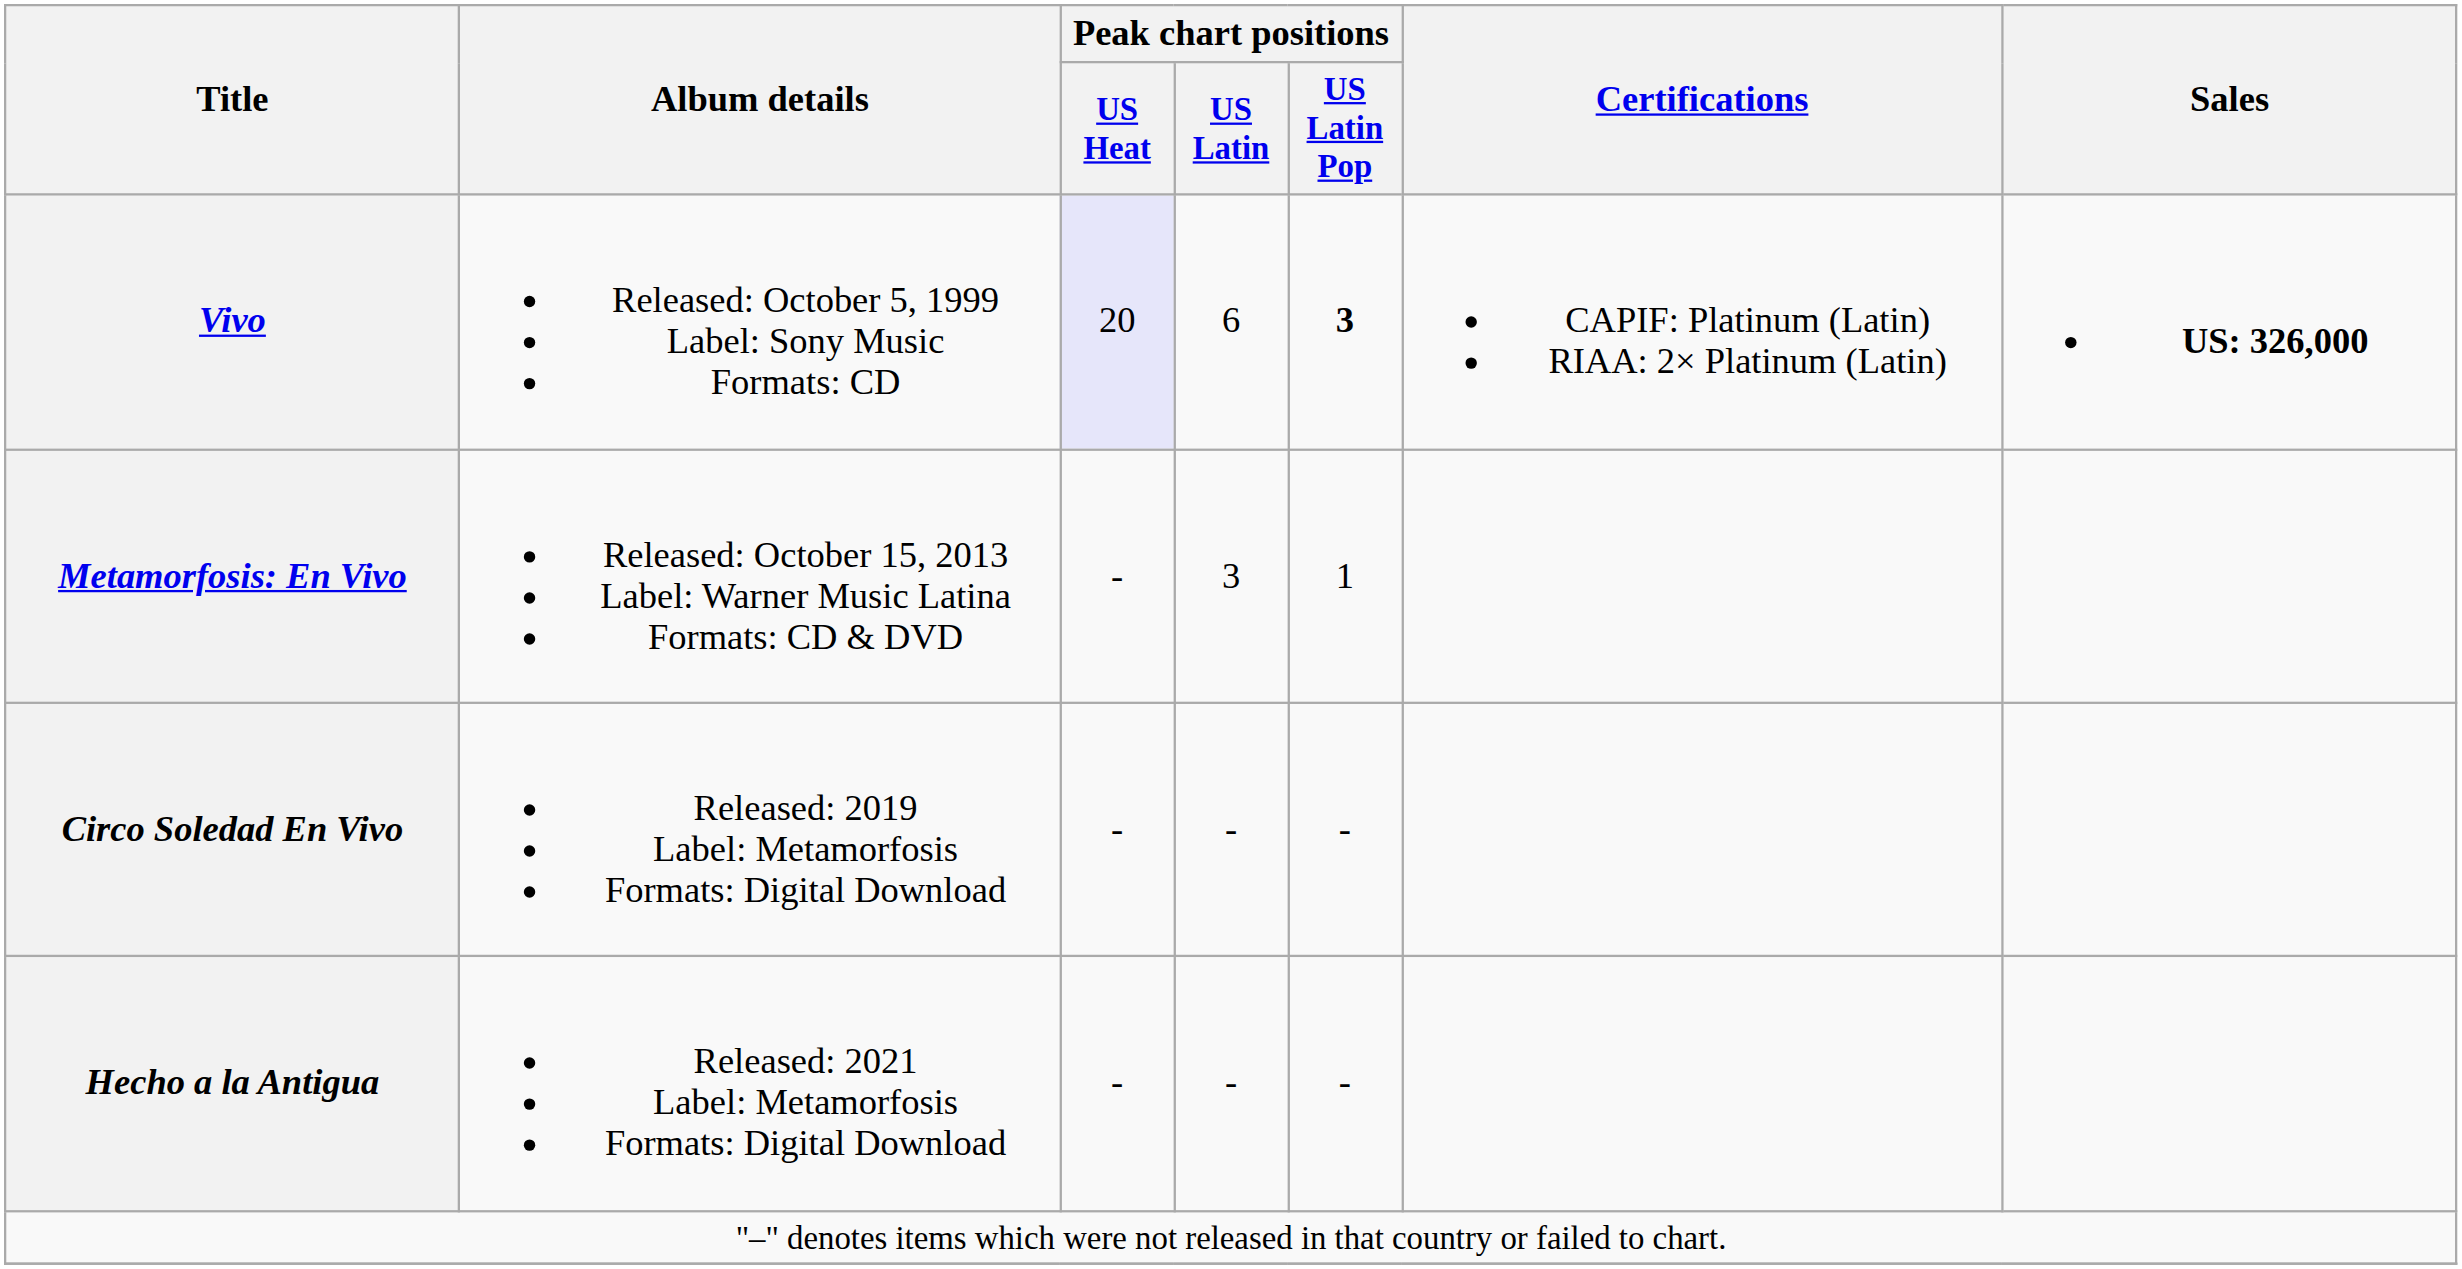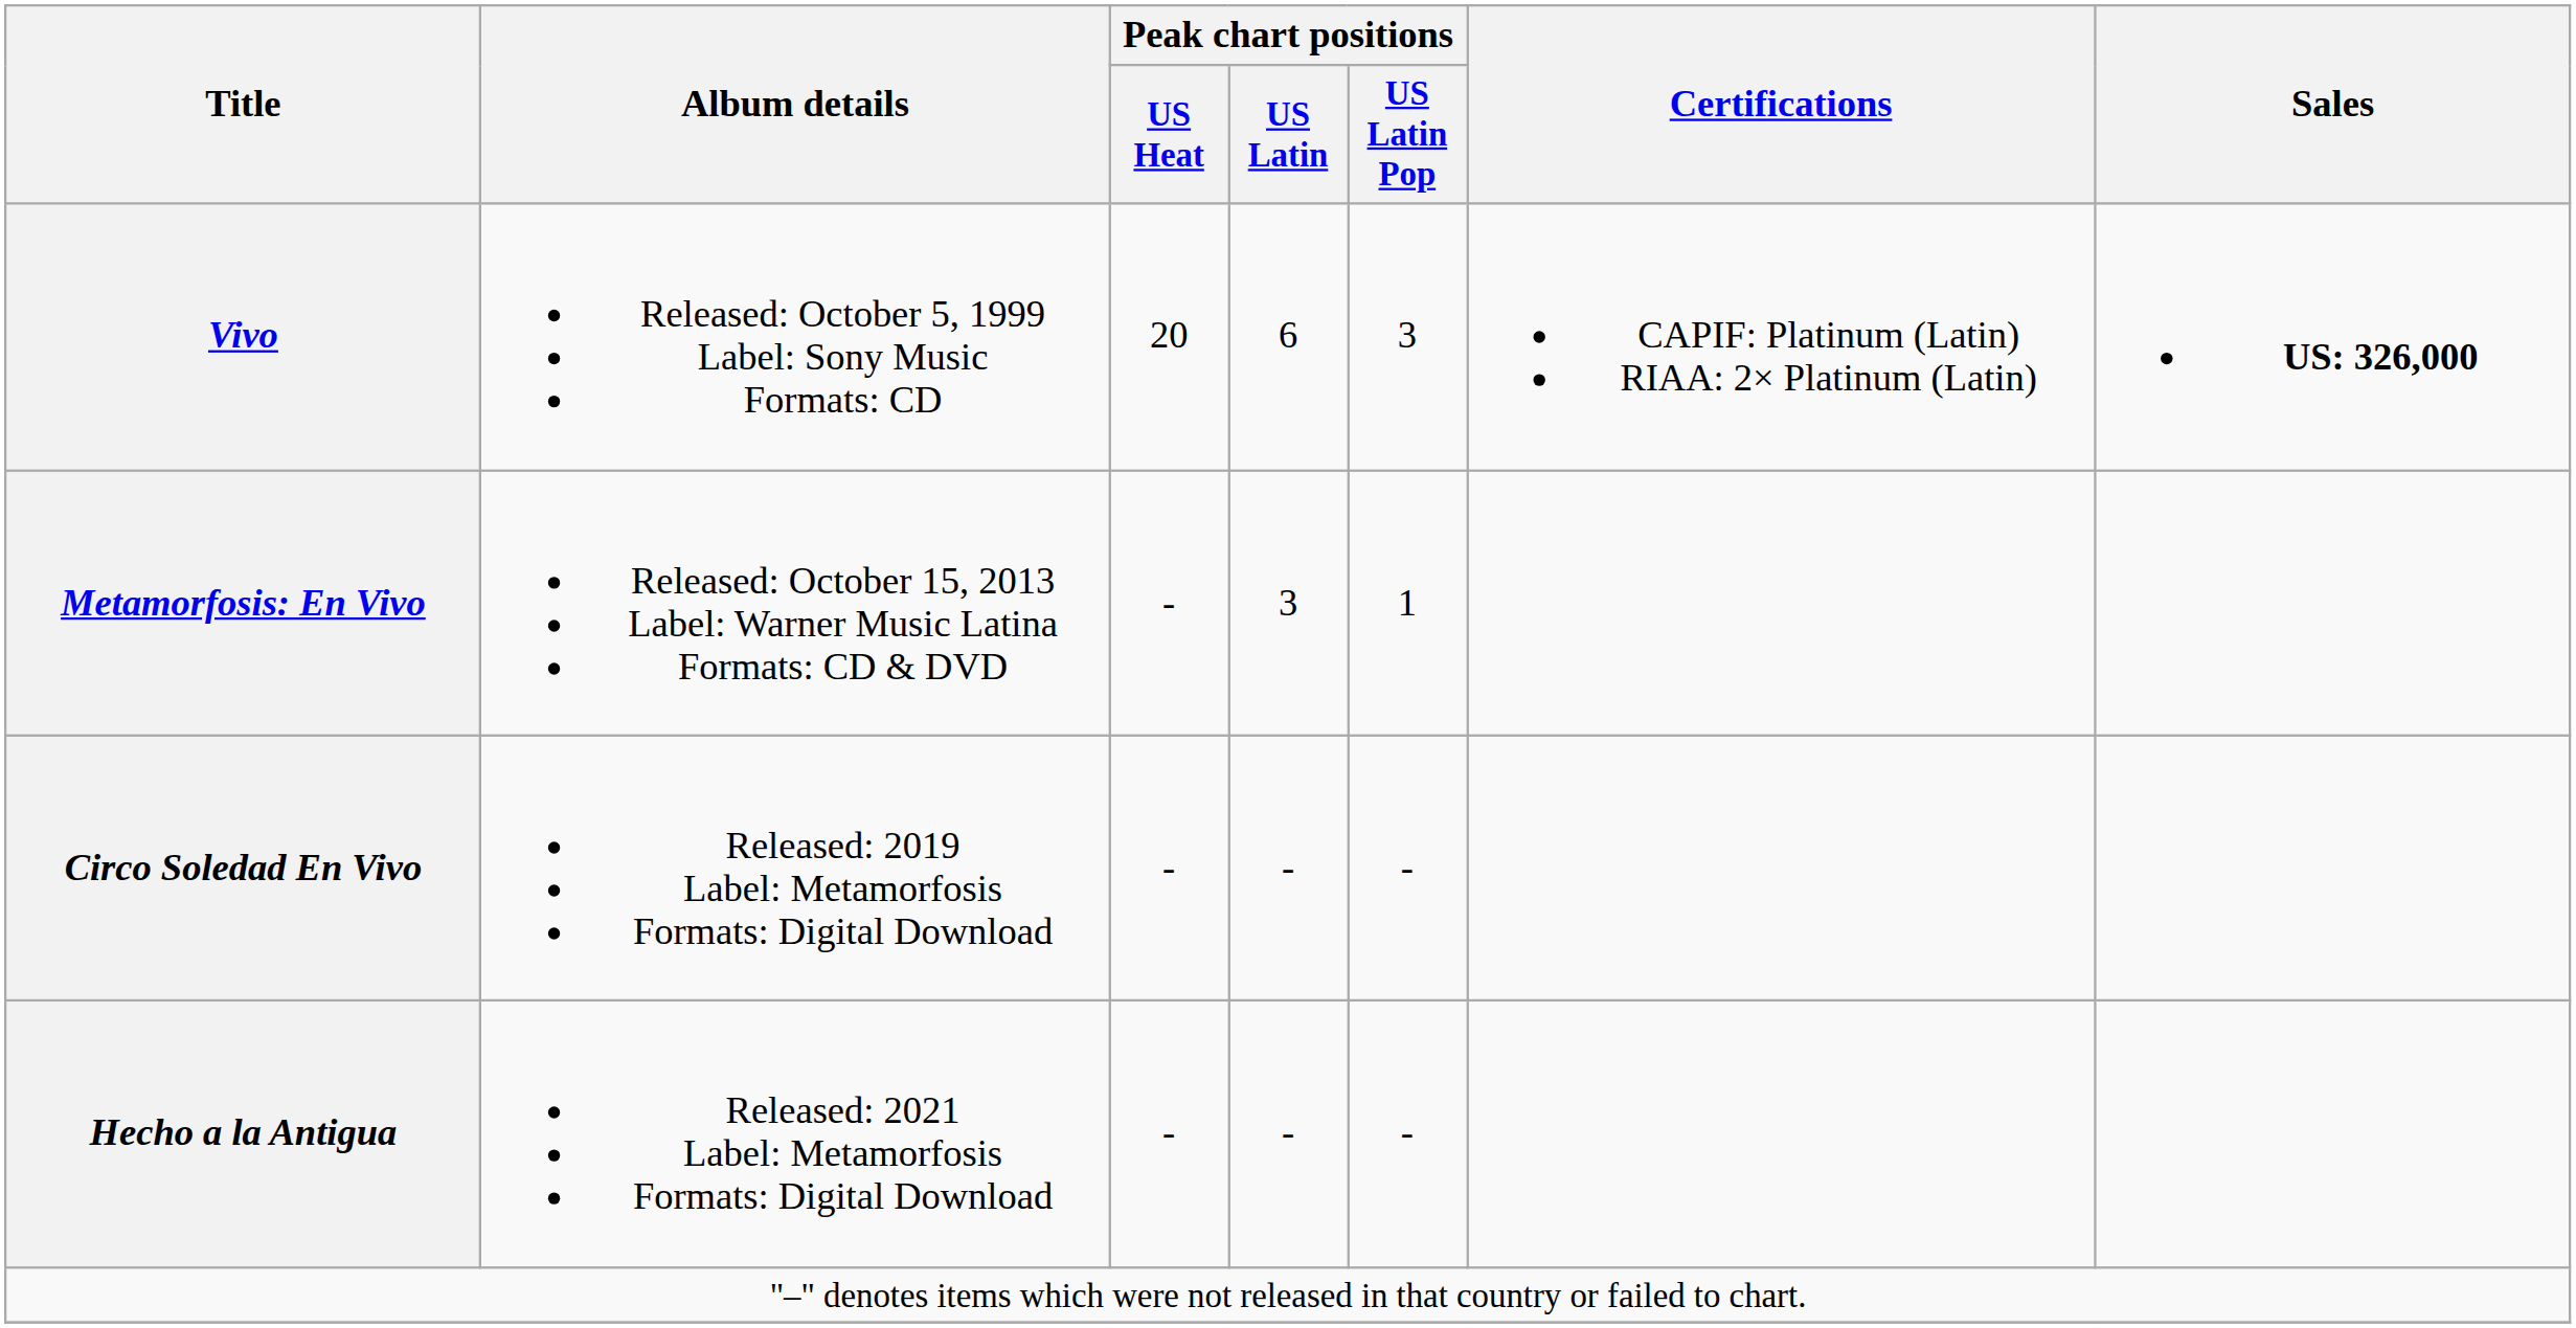 <table class="wikitable plainrowheaders" style="text-align:center;">
 <tr>
 <th scope="col" rowspan="2" style="width:12em;">Title</th>
 <th scope="col" rowspan="2" style="width:16em;">Album details</th>
 <th scope="col" colspan="3">Peak chart positions</th>
 <th scope="col" rowspan="2" style="width:16em;"><a href='#'>Certifications</a></th>
 <th scope="col" rowspan="2" style="width:12em;">Sales</th>
 </tr>
 <tr>
 <th scope="col" style="width:3em; font-size:90%;"><a href='#'>US Heat</a><br></th>
 <th scope="col" style="width:3em; font-size:90%;"><a href='#'>US Latin</a><br></th>
 <th scope="col" style="width:3em; font-size:90%;"><a href='#'>US Latin Pop</a><br></th>
 </tr>
 <tr>
 <th scope="row"><em><a href='#'>Vivo</a></em></th>
 <td><br><ul><li>Released: October 5, 1999</li><li>Label: Sony Music</li><li>Formats: CD</li></ul></td>
-<td style="background: lavender;">20</td>
+<td>20</td>
 <td>6</td>
-<td><strong>3</strong></td>
+<td>3</td>
 <td><br><ul><li>CAPIF: Platinum (Latin)</li><li>RIAA: 2× Platinum (Latin)</li></ul></td>
 <td><strong><br><ul><li>US: 326,000</li></ul></strong></td>
 </tr>
 <tr>
 <th scope="row"><em><a href='#'>Metamorfosis: En Vivo</a></em></th>
 <td><br><ul><li>Released: October 15, 2013</li><li>Label: Warner Music Latina</li><li>Formats: CD & DVD</li></ul></td>
 <td>-</td>
 <td>3</td>
 <td>1</td>
 <td></td>
 <td></td>
 </tr>
 <tr>
 <th scope="row"><em>Circo Soledad En Vivo</em></th>
 <td><br><ul><li>Released: 2019</li><li>Label: Metamorfosis</li><li>Formats: Digital Download</li></ul></td>
 <td>-</td>
 <td>-</td>
 <td>-</td>
 <td></td>
 <td></td>
 </tr>
 <tr>
 <th scope="row"><em>Hecho a la Antigua</em></th>
 <td><br><ul><li>Released: 2021</li><li>Label: Metamorfosis</li><li>Formats: Digital Download</li></ul></td>
 <td>-</td>
 <td>-</td>
 <td>-</td>
 <td></td>
 <td></td>
 </tr>
 <tr>
 <td colspan="12" align="center" style="font-size:90%;">"–" denotes items which were not released in that country or failed to chart.</td>
 </tr>
 <tr>
 </tr>
 </table>
